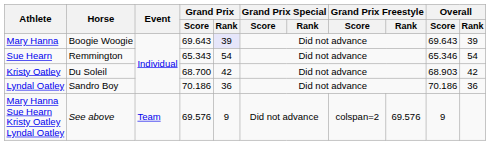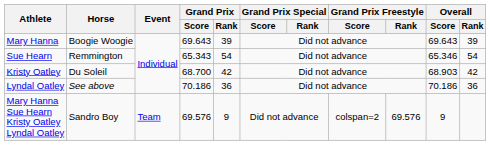 <table class=wikitable style="font-size:90%">
 <tr>
 <th rowspan="2">Athlete</th>
 <th rowspan="2">Horse</th>
 <th rowspan="2">Event</th>
 <th colspan="2">Grand Prix</th>
 <th colspan="2">Grand Prix Special</th>
 <th colspan="2">Grand Prix Freestyle</th>
 <th colspan="2">Overall</th>
 </tr>
 <tr style="font-size:95%">
 <th>Score</th>
 <th>Rank</th>
 <th>Score</th>
 <th>Rank</th>
 <th>Score</th>
 <th>Rank</th>
 <th>Score</th>
 <th>Rank</th>
 </tr>
 <tr align=center>
 <td align=left><a href='#'>Mary Hanna</a></td>
 <td align=left>Boogie Woogie</td>
 <td rowspan=4 align=left><a href='#'>Individual</a></td>
 <td>69.643</td>
-<td style="background: lavender;">39</td>
+<td>39</td>
 <td colspan=4>Did not advance</td>
 <td>69.643</td>
 <td>39</td>
 </tr>
 <tr align=center>
 <td align=left><a href='#'>Sue Hearn</a></td>
 <td align=left>Remmington</td>
 <td>65.343</td>
 <td>54</td>
 <td colspan=4>Did not advance</td>
 <td>65.346</td>
 <td>54</td>
 </tr>
 <tr align=center>
 <td align=left><a href='#'>Kristy Oatley</a></td>
 <td align=left>Du Soleil</td>
 <td>68.700</td>
 <td>42</td>
 <td colspan=4>Did not advance</td>
 <td>68.903</td>
 <td>42</td>
 </tr>
 <tr align=center>
 <td align=left><a href='#'>Lyndal Oatley</a></td>
-<td align=left>Sandro Boy</td>
+<td align=left><em>See above</em></td>
 <td>70.186</td>
 <td>36</td>
 <td colspan=4>Did not advance</td>
 <td>70.186</td>
 <td>36</td>
 </tr>
 <tr align=center>
 <td align=left><a href='#'>Mary Hanna</a><br><a href='#'>Sue Hearn</a><br><a href='#'>Kristy Oatley</a><br><a href='#'>Lyndal Oatley</a></td>
-<td align=left><em>See above</em></td>
+<td align=left>Sandro Boy</td>
 <td align=left><a href='#'>Team</a></td>
 <td>69.576</td>
 <td>9</td>
 <td colspan=2>Did not advance</td>
 <td>colspan=2 </td>
 <td>69.576</td>
 <td>9</td>
 </tr>
 </table>
